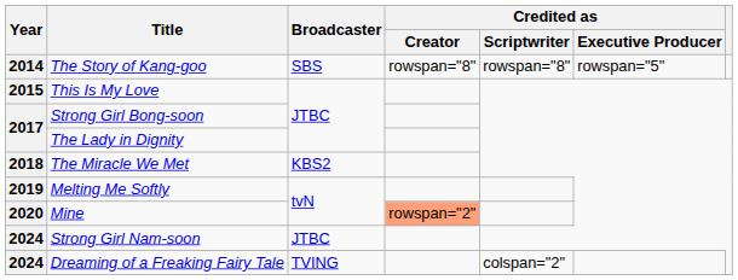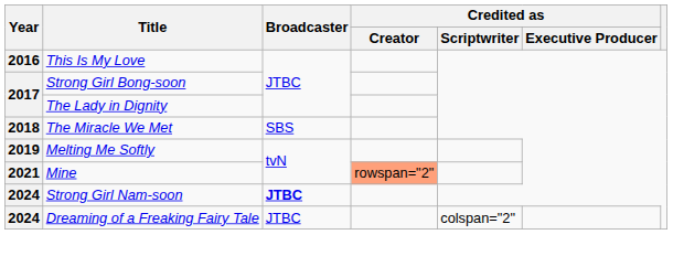 <table class="wikitable plainrowheaders">
 <tr>
 <th rowspan="2" scope="col">Year</th>
 <th rowspan="2">Title</th>
 <th rowspan="2">Broadcaster</th>
 <th colspan="3">Credited as</th>
 <th rowspan="2" scope="col" class="unsortable"></th>
 </tr>
 <tr>
 <th>Creator</th>
 <th>Scriptwriter</th>
 <th>Executive Producer</th>
 </tr>
 <tr>
-<th scope="row">2014</th>
-<td><em><a href='#'>The Story of Kang-goo</a></em></td>
-<td><a href='#'>SBS</a></td>
-<td>rowspan="8" </td>
-<td>rowspan="8" </td>
-<td>rowspan="5" </td>
-<td></td>
-</tr>
-<tr>
-<th scope="row">2015</th>
+<th scope="row">2016</th>
 <td><em><a href='#'>This Is My Love</a></em></td>
 <td rowspan="3"><a href='#'>JTBC</a></td>
 <td></td>
 </tr>
 <tr>
 <th rowspan="2" scope="row">2017</th>
 <td><em><a href='#'>Strong Girl Bong-soon</a></em></td>
 <td></td>
 </tr>
 <tr>
 <td><em><a href='#'>The Lady in Dignity</a></em></td>
 <td></td>
 </tr>
 <tr>
 <th scope="row">2018</th>
 <td><em><a href='#'>The Miracle We Met</a></em></td>
-<td><a href='#'>KBS2</a></td>
+<td><a href='#'>SBS</a></td>
 <td></td>
 </tr>
 <tr>
 <th scope="row">2019</th>
 <td><em><a href='#'>Melting Me Softly</a></em></td>
 <td rowspan="2"><a href='#'>tvN</a></td>
 <td></td>
 <td></td>
 </tr>
 <tr>
-<th scope="row">2020</th>
+<th scope="row">2021</th>
 <td><em><a href='#'>Mine</a></em></td>
 <td style="background: lightsalmon;">rowspan="2" </td>
 <td></td>
 </tr>
 <tr>
 <th scope="row">2024</th>
 <td><em><a href='#'>Strong Girl Nam-soon</a></em></td>
-<td><a href='#'>JTBC</a></td>
+<td><strong><a href='#'>JTBC</a></strong></td>
 <td></td>
 </tr>
 <tr>
 <th scope="row">2024</th>
 <td><em><a href='#'>Dreaming of a Freaking Fairy Tale</a></em></td>
-<td><a href='#'>TVING</a></td>
+<td><a href='#'>JTBC</a></td>
 <td></td>
 <td>colspan="2"</td>
 <td></td>
 </tr>
 </table>
